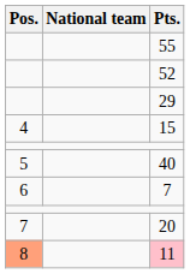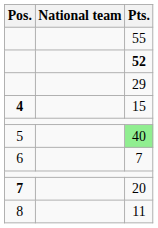 <table class=wikitable style="font-size: 95%">
 <tr>
 <th>Pos.</th>
 <th>National team</th>
 <th>Pts.</th>
 </tr>
 <tr align=center>
 <td></td>
 <td align=left></td>
 <td>55</td>
 </tr>
 <tr align=center>
 <td></td>
 <td align=left></td>
-<td>52</td>
+<td><strong>52</strong></td>
 </tr>
 <tr align=center>
 <td></td>
 <td align=left></td>
 <td>29</td>
 </tr>
 <tr align=center>
-<td>4</td>
+<td><strong>4</strong></td>
 <td align=left></td>
 <td>15</td>
 </tr>
 <tr>
 <td colspan=3 ></td>
 </tr>
 <tr align=center>
 <td>5</td>
 <td align=left></td>
-<td>40</td>
+<td style="background: lightgreen;">40</td>
 </tr>
 <tr align=center>
 <td>6</td>
 <td align=left></td>
 <td>7</td>
 </tr>
 <tr>
 <td colspan=3 ></td>
 </tr>
 <tr align=center>
-<td>7</td>
+<td><strong>7</strong></td>
 <td align=left></td>
 <td>20</td>
 </tr>
 <tr align=center>
-<td style="background: lightsalmon;">8</td>
+<td>8</td>
 <td align=left></td>
-<td style="background: pink;">11</td>
+<td>11</td>
 </tr>
 </table>
